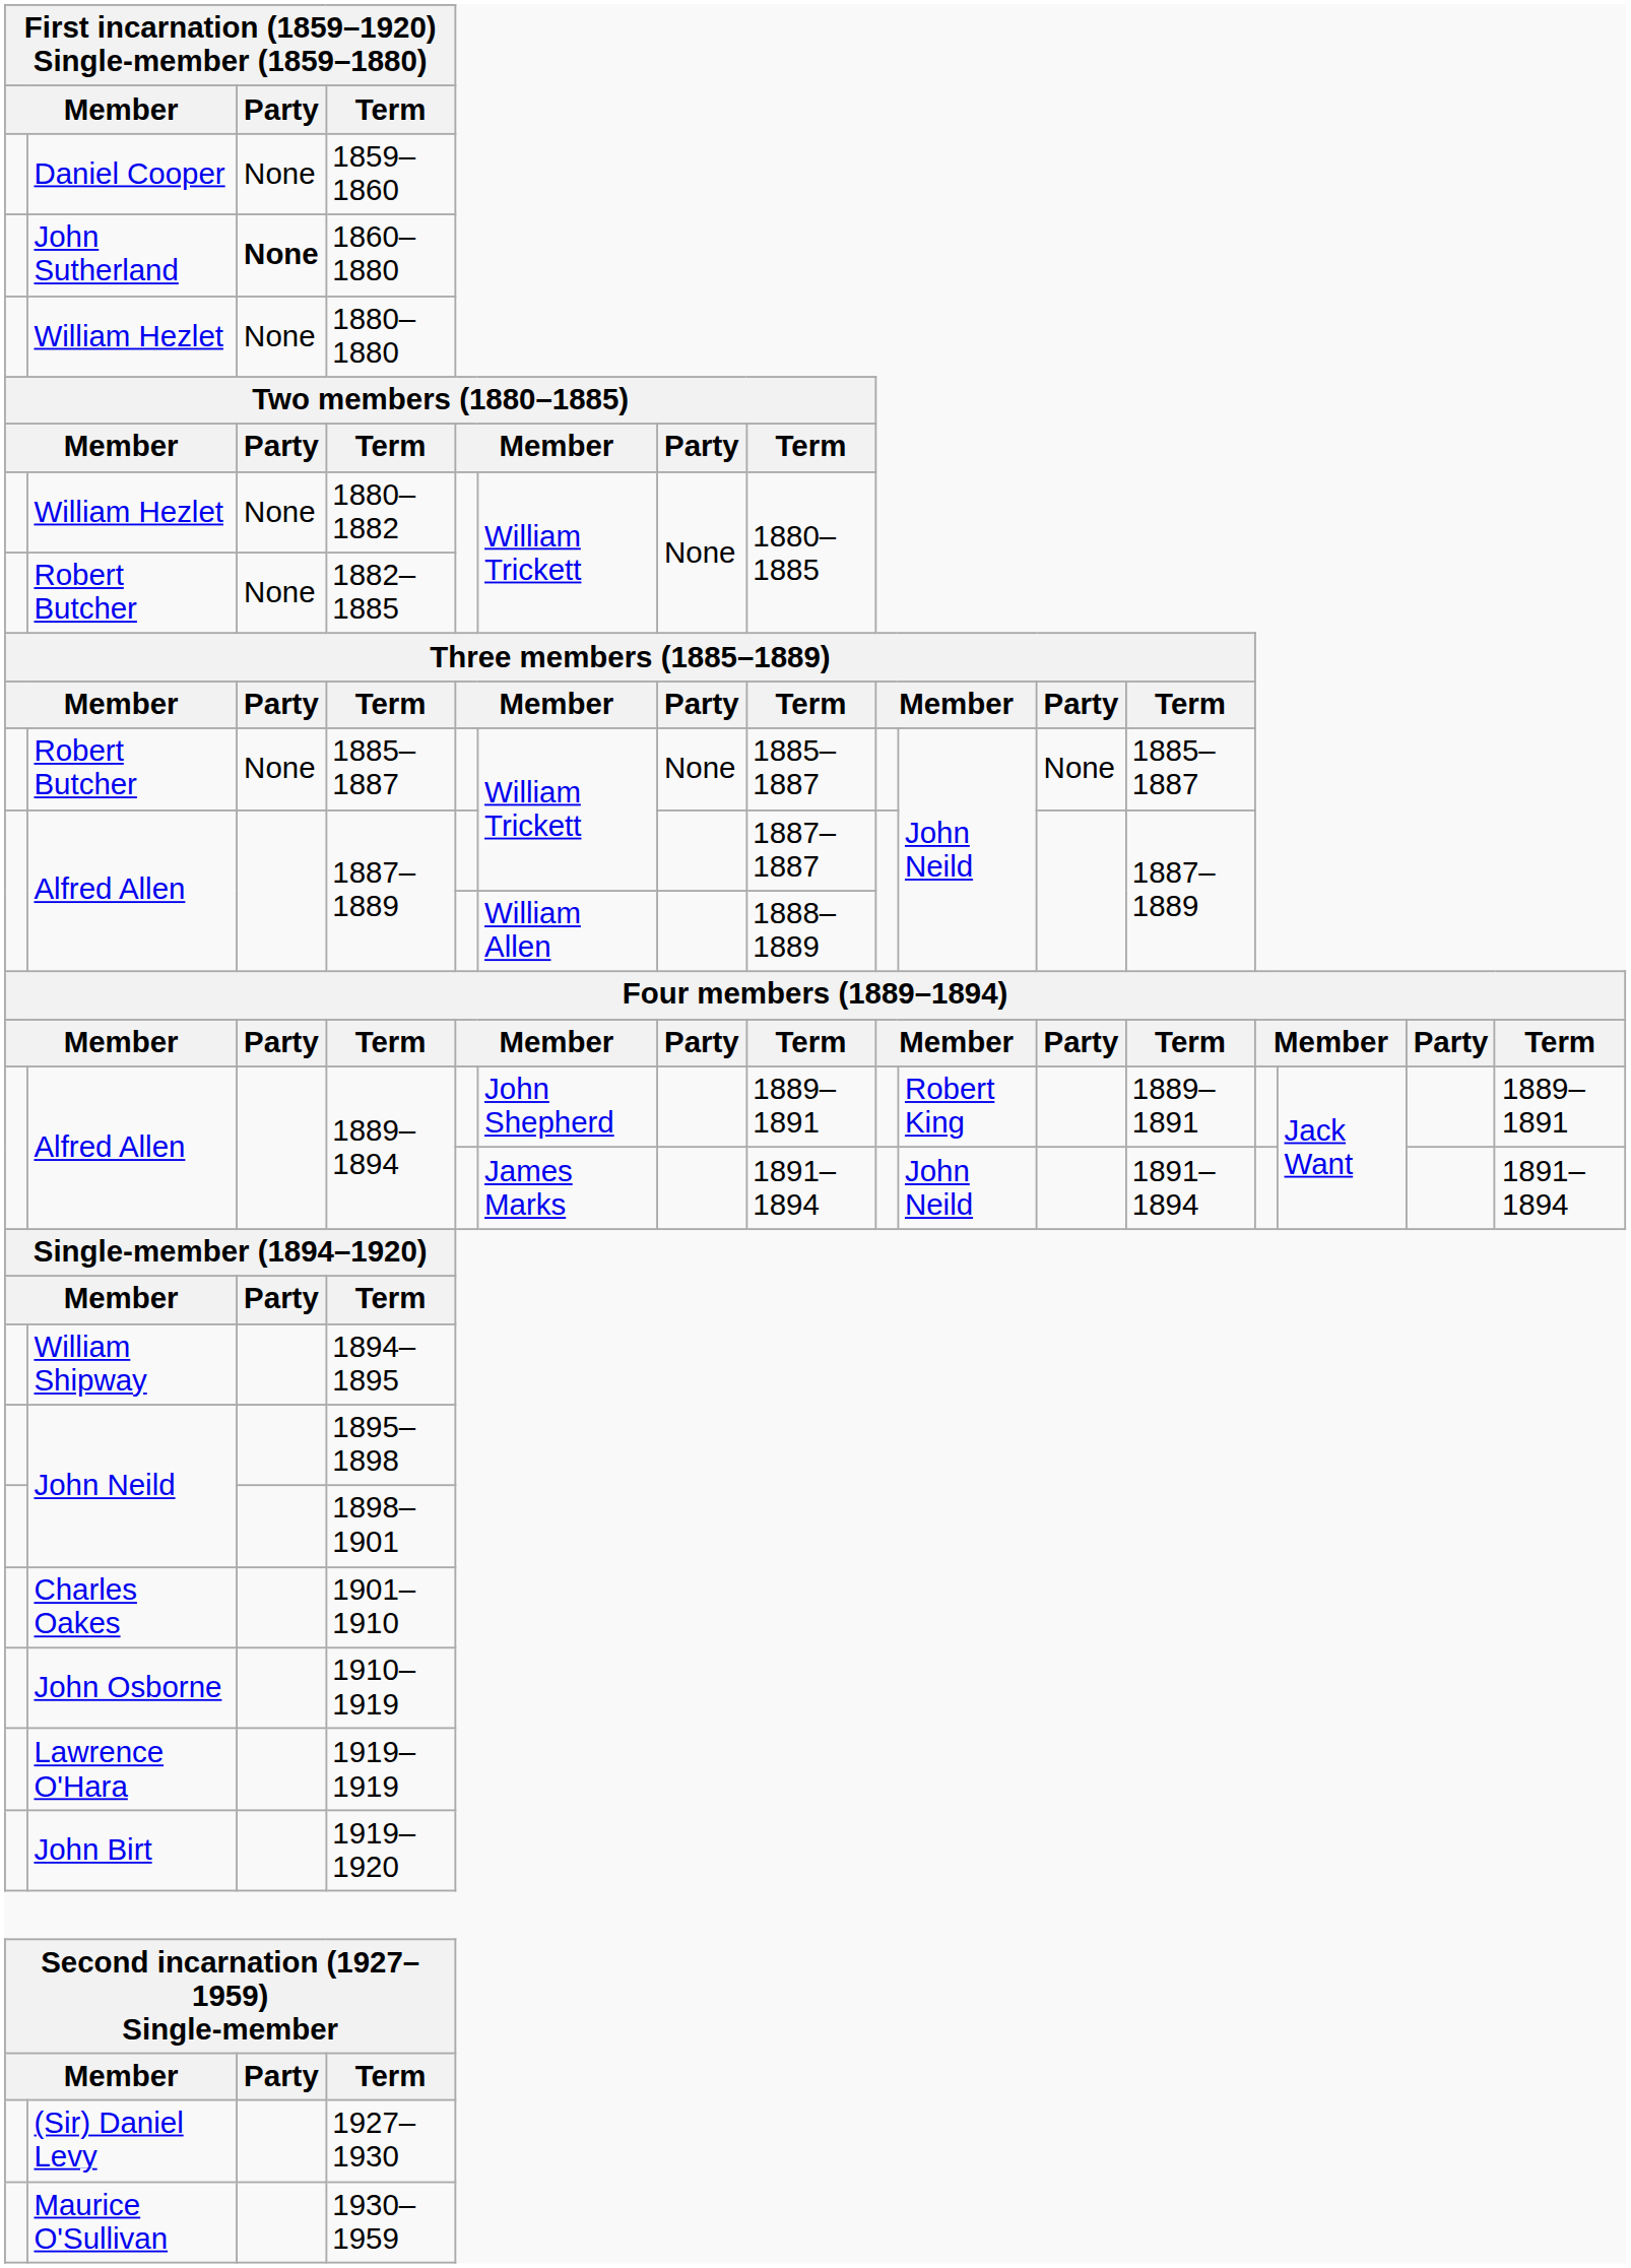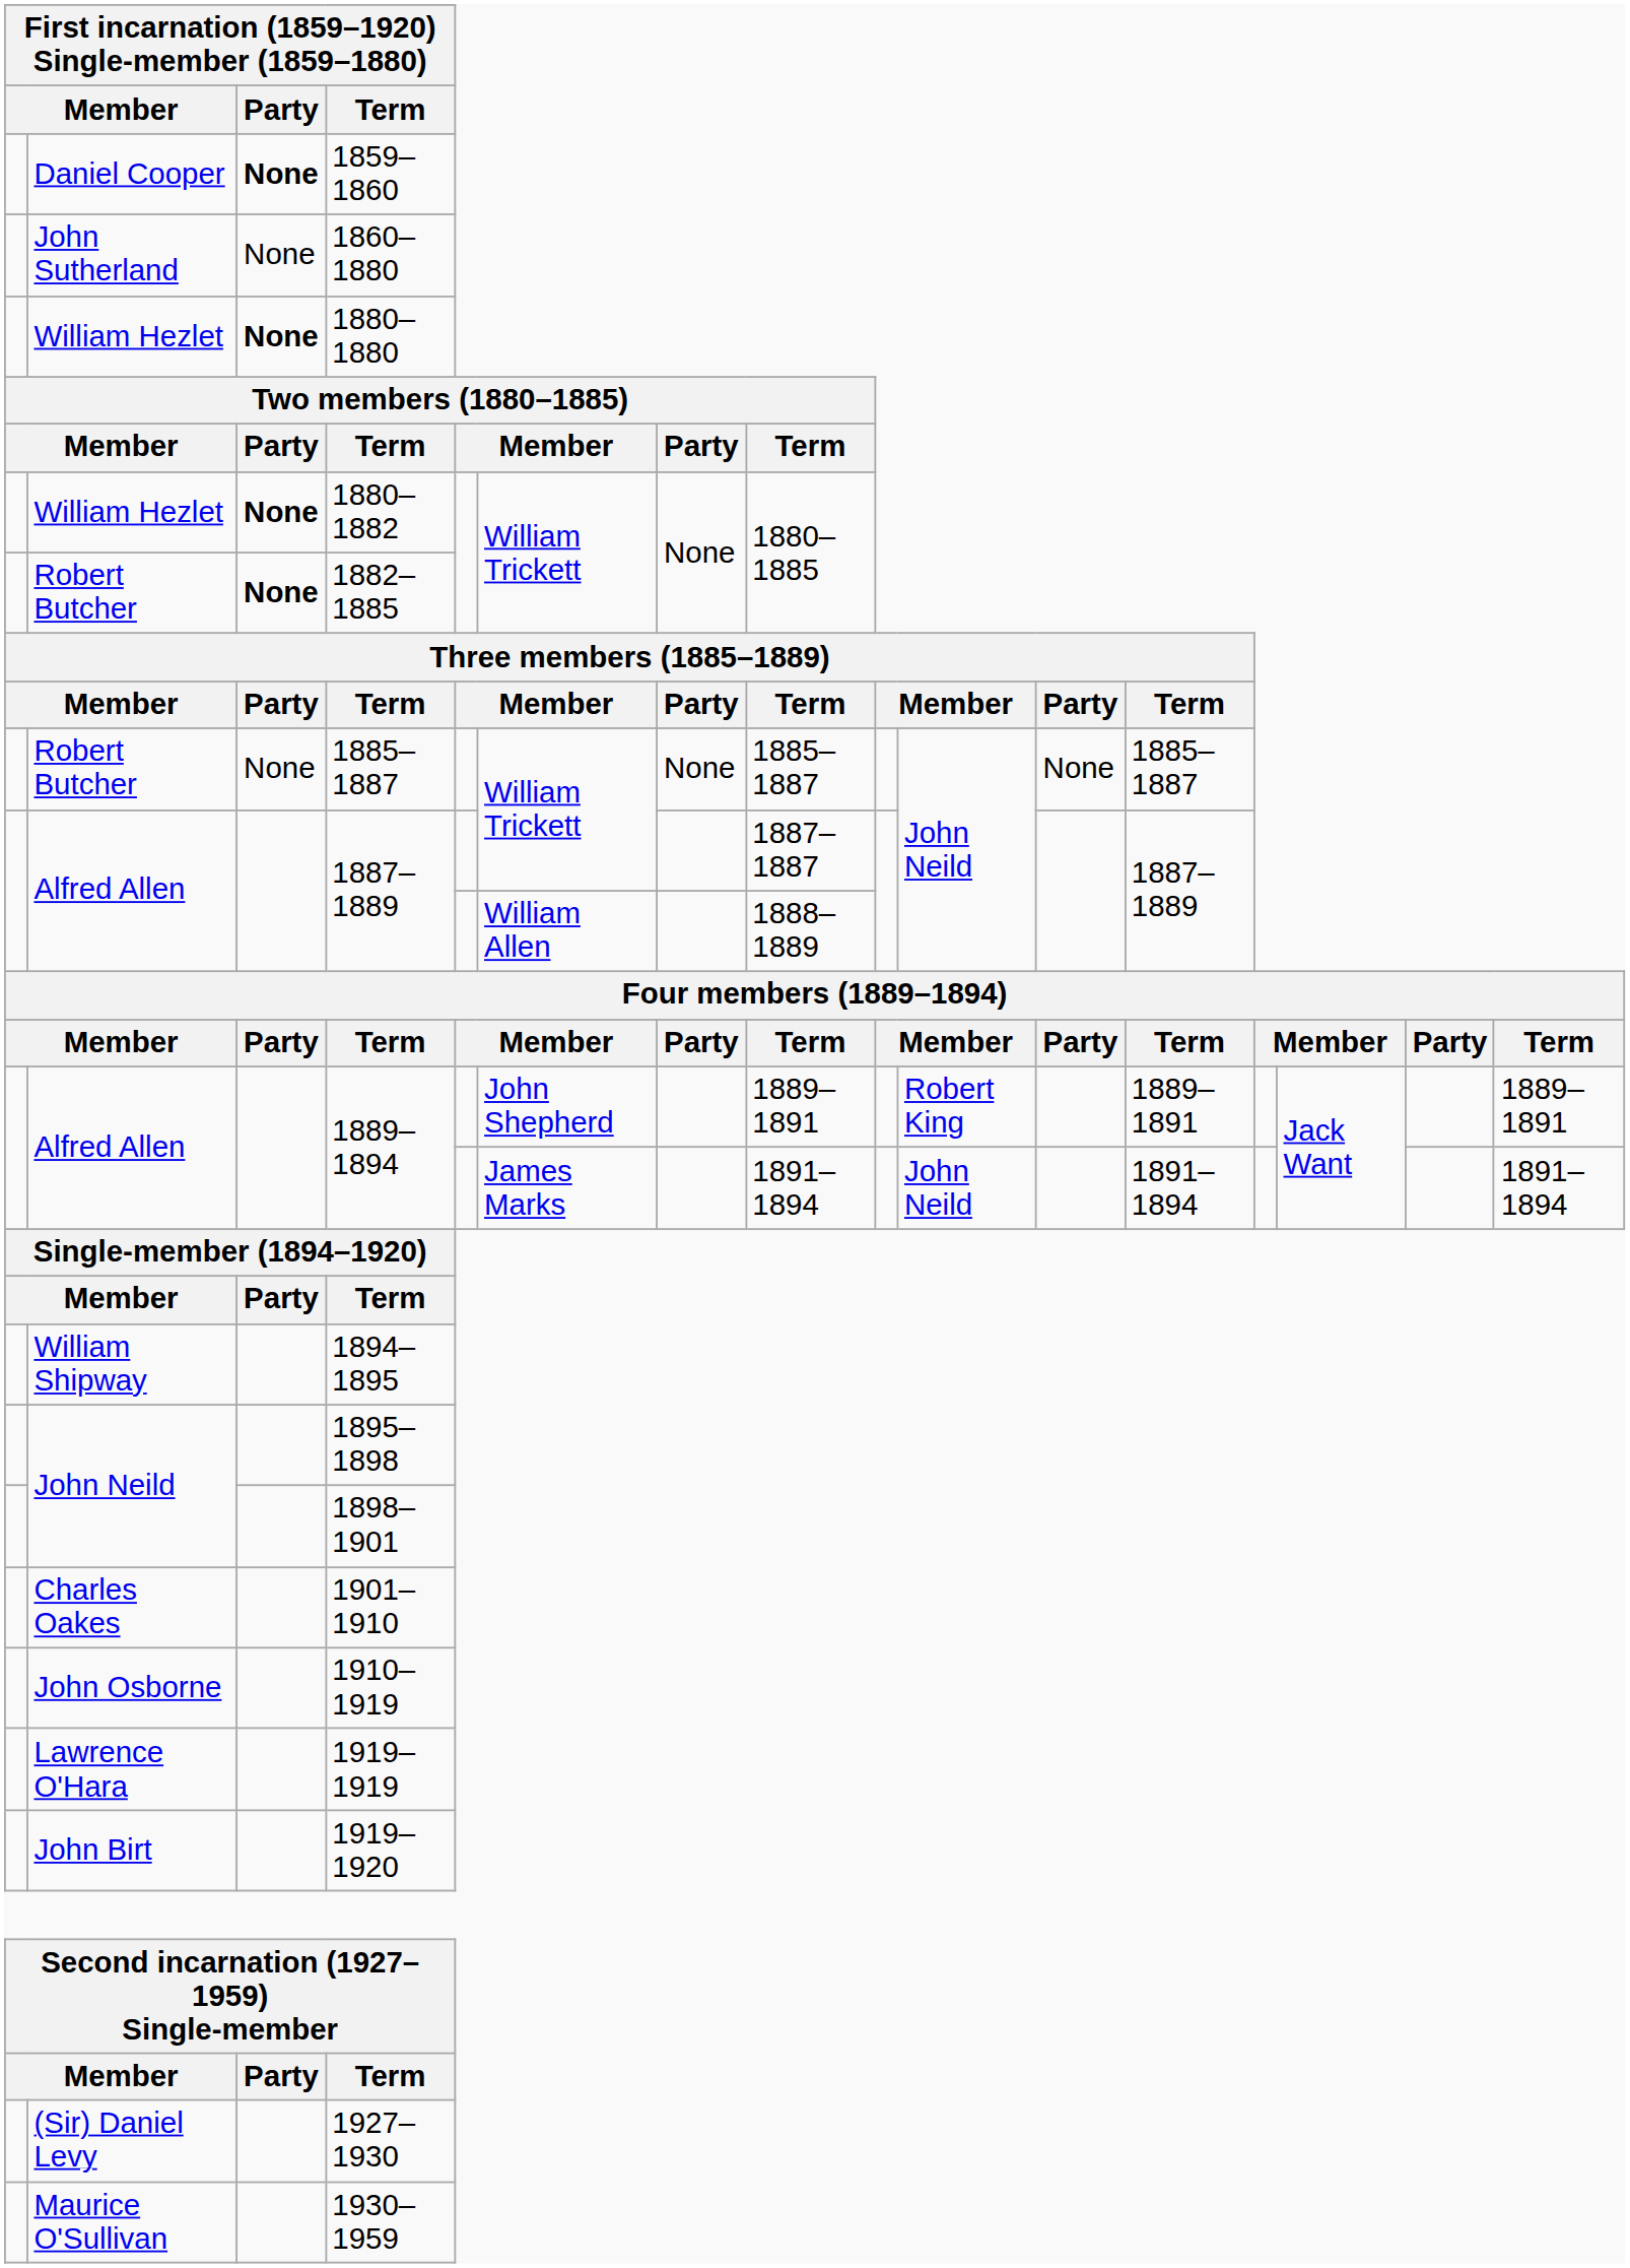 <table class="wikitable" style='border-style: none none none none;'>
 <tr>
 <th colspan="4">First incarnation (1859–1920)<br>Single-member (1859–1880)</th>
 </tr>
 <tr>
 <th colspan="2">Member</th>
 <th>Party</th>
 <th>Term</th>
 </tr>
 <tr style="background: #f9f9f9">
 <td> </td>
 <td><a href='#'>Daniel Cooper</a></td>
-<td>None</td>
+<td><strong>None</strong></td>
 <td>1859–1860</td>
 </tr>
 <tr style="background: #f9f9f9">
 <td> </td>
 <td><a href='#'>John Sutherland</a></td>
-<td><strong>None</strong></td>
+<td>None</td>
 <td>1860–1880</td>
 </tr>
 <tr style="background: #f9f9f9">
 <td> </td>
 <td><a href='#'>William Hezlet</a></td>
-<td>None</td>
+<td><strong>None</strong></td>
 <td>1880–1880</td>
 </tr>
 <tr>
 <th colspan="8">Two members (1880–1885)</th>
 </tr>
 <tr>
 <th colspan="2">Member</th>
 <th>Party</th>
 <th>Term</th>
 <th colspan="2">Member</th>
 <th>Party</th>
 <th>Term</th>
 </tr>
 <tr style="background: #f9f9f9">
 <td> </td>
 <td><a href='#'>William Hezlet</a></td>
-<td>None</td>
+<td><strong>None</strong></td>
 <td>1880–1882</td>
 <td rowspan="2" > </td>
 <td rowspan="2"><a href='#'>William Trickett</a></td>
 <td rowspan="2">None</td>
 <td rowspan="2">1880–1885</td>
 </tr>
 <tr style="background: #f9f9f9">
 <td> </td>
 <td><a href='#'>Robert Butcher</a></td>
-<td>None</td>
+<td><strong>None</strong></td>
 <td>1882–1885</td>
 </tr>
 <tr>
 <th colspan="12">Three members (1885–1889)</th>
 </tr>
 <tr>
 <th colspan="2">Member</th>
 <th>Party</th>
 <th>Term</th>
 <th colspan="2">Member</th>
 <th>Party</th>
 <th>Term</th>
 <th colspan="2">Member</th>
 <th>Party</th>
 <th>Term</th>
 </tr>
 <tr style="background: #f9f9f9">
 <td> </td>
 <td><a href='#'>Robert Butcher</a></td>
 <td>None</td>
 <td>1885–1887</td>
 <td> </td>
 <td rowspan="2"><a href='#'>William Trickett</a></td>
 <td>None</td>
 <td>1885–1887</td>
 <td> </td>
 <td rowspan="3"><a href='#'>John Neild</a></td>
 <td>None</td>
 <td>1885–1887</td>
 </tr>
 <tr style="background: #f9f9f9">
 <td rowspan="2" > </td>
 <td rowspan="2"><a href='#'>Alfred Allen</a></td>
 <td rowspan="2"></td>
 <td rowspan="2">1887–1889</td>
 <td> </td>
 <td></td>
 <td>1887–1887</td>
 <td rowspan="2" > </td>
 <td rowspan="2"></td>
 <td rowspan="2">1887–1889</td>
 </tr>
 <tr style="background: #f9f9f9">
 <td> </td>
 <td><a href='#'>William Allen</a></td>
 <td></td>
 <td>1888–1889</td>
 </tr>
 <tr>
 <th colspan="16">Four members (1889–1894)</th>
 </tr>
 <tr>
 <th colspan="2">Member</th>
 <th>Party</th>
 <th>Term</th>
 <th colspan="2">Member</th>
 <th>Party</th>
 <th>Term</th>
 <th colspan="2">Member</th>
 <th>Party</th>
 <th>Term</th>
 <th colspan="2">Member</th>
 <th>Party</th>
 <th>Term</th>
 </tr>
 <tr style="background: #f9f9f9">
 <td rowspan="2" > </td>
 <td rowspan="2"><a href='#'>Alfred Allen</a></td>
 <td rowspan="2"></td>
 <td rowspan="2">1889–1894</td>
 <td> </td>
 <td><a href='#'>John Shepherd</a></td>
 <td></td>
 <td>1889–1891</td>
 <td> </td>
 <td><a href='#'>Robert King</a></td>
 <td></td>
 <td>1889–1891</td>
 <td> </td>
 <td rowspan="2"><a href='#'>Jack Want</a></td>
 <td></td>
 <td>1889–1891</td>
 </tr>
 <tr style="background: #f9f9f9;">
 <td> </td>
 <td><a href='#'>James Marks</a></td>
 <td></td>
 <td>1891–1894</td>
 <td> </td>
 <td><a href='#'>John Neild</a></td>
 <td></td>
 <td>1891–1894</td>
 <td> </td>
 <td></td>
 <td>1891–1894</td>
 </tr>
 <tr>
 <th colspan="4">Single-member (1894–1920)</th>
 </tr>
 <tr>
 <th colspan="2">Member</th>
 <th>Party</th>
 <th>Term</th>
 </tr>
 <tr style="background: #f9f9f9">
 <td> </td>
 <td><a href='#'>William Shipway</a></td>
 <td></td>
 <td>1894–1895</td>
 </tr>
 <tr style="background: #f9f9f9">
 <td> </td>
 <td rowspan="2"><a href='#'>John Neild</a></td>
 <td></td>
 <td>1895–1898</td>
 </tr>
 <tr style="background: #f9f9f9">
 <td> </td>
 <td></td>
 <td>1898–1901</td>
 </tr>
 <tr style="background: #f9f9f9">
 <td> </td>
 <td><a href='#'>Charles Oakes</a></td>
 <td></td>
 <td>1901–1910</td>
 </tr>
 <tr style="background: #f9f9f9">
 <td> </td>
 <td><a href='#'>John Osborne</a></td>
 <td></td>
 <td>1910–1919</td>
 </tr>
 <tr style="background: #f9f9f9">
 <td> </td>
 <td><a href='#'>Lawrence O'Hara</a></td>
 <td></td>
 <td>1919–1919</td>
 </tr>
 <tr style="background: #f9f9f9">
 <td> </td>
 <td><a href='#'>John Birt</a></td>
 <td></td>
 <td>1919–1920</td>
 </tr>
 <tr>
 <td colspan="4" style='border-style: none none none none;'> </td>
 </tr>
 <tr>
 <th colspan="4">Second incarnation (1927–1959)<br>Single-member</th>
 </tr>
 <tr>
 <th colspan="2">Member</th>
 <th>Party</th>
 <th>Term</th>
 </tr>
 <tr style="background: #f9f9f9">
 <td> </td>
 <td><a href='#'>(Sir) Daniel Levy</a></td>
 <td></td>
 <td>1927–1930</td>
 </tr>
 <tr style="background: #f9f9f9">
 <td> </td>
 <td><a href='#'>Maurice O'Sullivan</a></td>
 <td></td>
 <td>1930–1959</td>
 </tr>
 </table>
